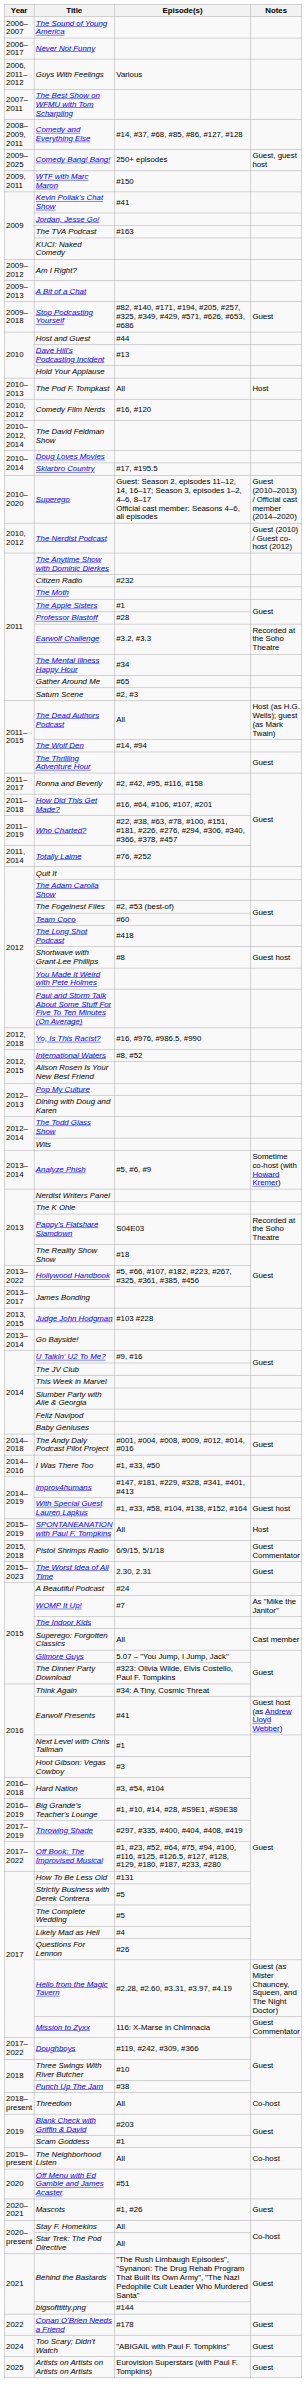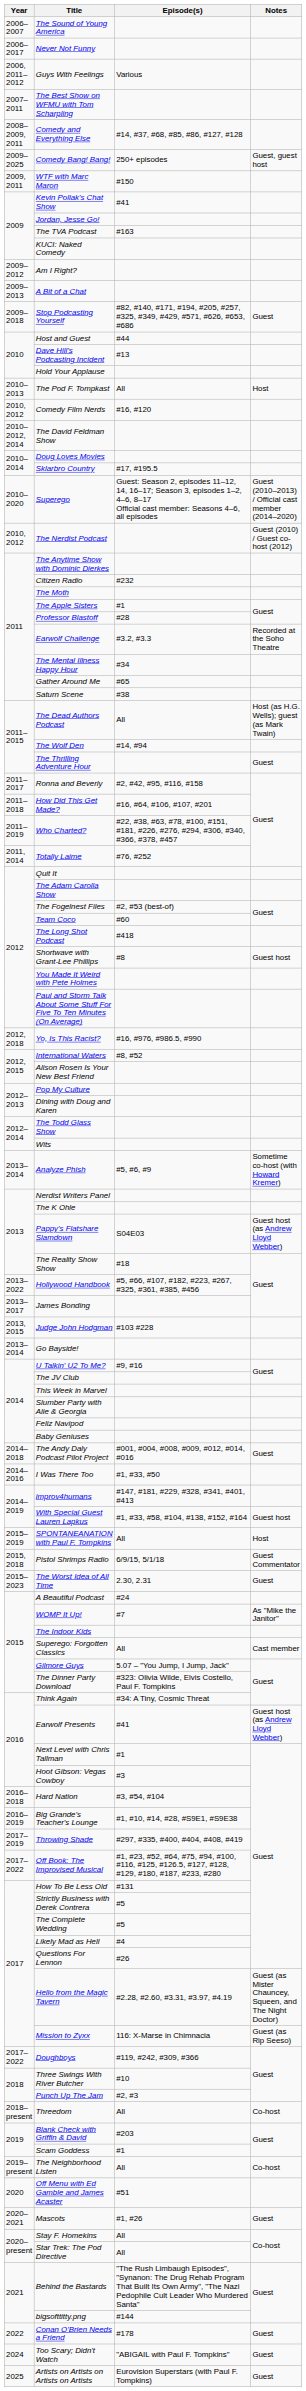 <table class="wikitable sortable">
 <tr>
 <th>Year</th>
 <th>Title</th>
 <th scope="col" width="350px">Episode(s)</th>
 <th>Notes</th>
 </tr>
 <tr>
 <td>2006–2007</td>
 <td><em><a href='#'>The Sound of Young America</a></em></td>
 <td></td>
 <td></td>
 </tr>
 <tr>
 <td>2006–2017</td>
 <td><em><a href='#'>Never Not Funny</a></em></td>
 <td></td>
 <td></td>
 </tr>
 <tr>
 <td>2006, 2011–2012</td>
 <td><em>Guys With Feelings</em></td>
 <td>Various</td>
 <td></td>
 </tr>
 <tr>
 <td>2007–2011</td>
 <td><em><a href='#'>The Best Show on WFMU with Tom Scharpling</a></em></td>
 <td></td>
 <td></td>
 </tr>
 <tr>
 <td>2008–2009, 2011</td>
 <td><em><a href='#'>Comedy and Everything Else</a></em></td>
 <td>#14, #37, #68, #85, #86, #127, #128</td>
 <td></td>
 </tr>
 <tr>
 <td>2009–2025</td>
 <td><em><a href='#'>Comedy Bang! Bang!</a></em></td>
 <td>250+ episodes</td>
 <td>Guest, guest host</td>
 </tr>
 <tr>
 <td>2009, 2011</td>
 <td><em><a href='#'>WTF with Marc Maron</a></em></td>
 <td>#150</td>
 <td></td>
 </tr>
 <tr>
 <td rowspan="4">2009</td>
 <td><em><a href='#'>Kevin Pollak's Chat Show</a></em></td>
 <td>#41</td>
 <td></td>
 </tr>
 <tr>
 <td><em><a href='#'>Jordan, Jesse Go!</a></em></td>
 <td></td>
 <td></td>
 </tr>
 <tr>
 <td><em>The TVA Podcast</em></td>
 <td>#163</td>
 <td></td>
 </tr>
 <tr>
 <td><em>KUCI: Naked Comedy</em></td>
 <td></td>
 <td></td>
 </tr>
 <tr>
 <td>2009–2012</td>
 <td><em>Am I Right?</em></td>
 <td></td>
 <td></td>
 </tr>
 <tr>
 <td>2009–2013</td>
 <td><em><a href='#'>A Bit of a Chat</a></em></td>
 <td></td>
 <td></td>
 </tr>
 <tr>
 <td>2009–2018</td>
 <td><em><a href='#'>Stop Podcasting Yourself</a></em></td>
 <td>#82, #140, #171, #194, #205, #257, #325, #349, #429, #571, #626, #653, #686</td>
 <td>Guest</td>
 </tr>
 <tr>
 <td rowspan="3">2010</td>
 <td><em>Host and Guest</em></td>
 <td>#44</td>
 <td></td>
 </tr>
 <tr>
 <td><em><a href='#'>Dave Hill's Podcasting Incident</a></em></td>
 <td>#13</td>
 <td></td>
 </tr>
 <tr>
 <td><em>Hold Your Applause</em></td>
 <td></td>
 <td></td>
 </tr>
 <tr>
 <td>2010–2013</td>
 <td><em>The Pod F. Tompkast</em></td>
 <td>All</td>
 <td>Host</td>
 </tr>
 <tr>
 <td>2010, 2012</td>
 <td><em>Comedy Film Nerds</em></td>
 <td>#16, #120</td>
 <td></td>
 </tr>
 <tr>
 <td>2010–2012, 2014</td>
 <td><em>The David Feldman Show</em></td>
 <td></td>
 <td></td>
 </tr>
 <tr>
 <td rowspan=2>2010–2014</td>
 <td><em><a href='#'>Doug Loves Movies</a></em></td>
 <td></td>
 <td></td>
 </tr>
 <tr>
 <td><em><a href='#'>Sklarbro Country</a></em></td>
 <td>#17, #195.5</td>
 <td></td>
 </tr>
 <tr>
 <td>2010–2020</td>
 <td><em><a href='#'>Superego</a></em></td>
 <td>Guest: Season 2, episodes 11–12, 14, 16–17; Season 3, episodes 1–2, 4–6, 8–17<br>Official cast member: Seasons 4–6, all episodes</td>
 <td>Guest (2010–2013) / Official cast member (2014–2020)</td>
 </tr>
 <tr>
 <td>2010, 2012</td>
 <td><em><a href='#'>The Nerdist Podcast</a></em></td>
 <td></td>
 <td>Guest (2010) / Guest co-host (2012)</td>
 </tr>
 <tr>
 <td rowspan="9">2011</td>
 <td><em><a href='#'>The Anytime Show with Dominic Dierkes</a></em></td>
 <td></td>
 <td></td>
 </tr>
 <tr>
 <td><em>Citizen Radio</em></td>
 <td>#232</td>
 <td></td>
 </tr>
 <tr>
 <td><em><a href='#'>The Moth</a></em></td>
 <td></td>
 <td></td>
 </tr>
 <tr>
 <td><em><a href='#'>The Apple Sisters</a></em></td>
 <td>#1</td>
 <td rowspan="2">Guest</td>
 </tr>
 <tr>
 <td><em><a href='#'>Professor Blastoff</a></em></td>
 <td>#28</td>
 </tr>
 <tr>
 <td><em><a href='#'>Earwolf Challenge</a></em></td>
 <td>#3.2, #3.3</td>
 <td>Recorded at the Soho Theatre</td>
 </tr>
 <tr>
 <td><em><a href='#'>The Mental Illness Happy Hour</a></em></td>
 <td>#34</td>
 <td></td>
 </tr>
 <tr>
 <td><em>Gather Around Me</em></td>
 <td>#65</td>
 <td></td>
 </tr>
 <tr>
 <td><em>Saturn Scene</em></td>
-<td>#2, #3</td>
+<td>#38</td>
 <td></td>
 </tr>
 <tr>
 <td rowspan=3>2011–2015</td>
 <td><em><a href='#'>The Dead Authors Podcast</a></em></td>
 <td>All</td>
 <td>Host (as H.G. Wells); guest (as Mark Twain)</td>
 </tr>
 <tr>
 <td><em><a href='#'>The Wolf Den</a></em></td>
 <td>#14, #94</td>
 <td></td>
 </tr>
 <tr>
 <td><em><a href='#'>The Thrilling Adventure Hour</a></em></td>
 <td></td>
 <td>Guest</td>
 </tr>
 <tr>
 <td>2011–2017</td>
 <td><em>Ronna and Beverly</em></td>
 <td>#2, #42, #95, #116, #158</td>
 <td rowspan="4">Guest</td>
 </tr>
 <tr>
 <td>2011–2018</td>
 <td><em><a href='#'>How Did This Get Made?</a></em></td>
 <td>#16, #64, #106, #107, #201</td>
 </tr>
 <tr>
 <td>2011–2019</td>
 <td><em><a href='#'>Who Charted?</a></em></td>
 <td>#22, #38, #63, #78, #100, #151, #181, #226, #276, #294, #306, #340, #366, #378, #457</td>
 </tr>
 <tr>
 <td>2011, 2014</td>
 <td><em><a href='#'>Totally Laime</a></em></td>
 <td>#76, #252</td>
 </tr>
 <tr>
 <td rowspan="8">2012</td>
 <td><em>Quit It</em></td>
 <td></td>
 <td></td>
 </tr>
 <tr>
 <td><em><a href='#'>The Adam Carolla Show</a></em></td>
 <td></td>
 <td></td>
 </tr>
 <tr>
 <td><em>The Fogelnest Files</em></td>
 <td>#2, #53 (best-of)</td>
 <td rowspan="2">Guest</td>
 </tr>
 <tr>
 <td><em><a href='#'>Team Coco</a></em></td>
 <td>#60</td>
 </tr>
 <tr>
 <td><em><a href='#'>The Long Shot Podcast</a></em></td>
 <td>#418</td>
 <td></td>
 </tr>
 <tr>
 <td><em>Shortwave with Grant-Lee Phillips</em></td>
 <td>#8</td>
 <td>Guest host</td>
 </tr>
 <tr>
 <td><em><a href='#'>You Made It Weird with Pete Holmes</a></em></td>
 <td></td>
 <td></td>
 </tr>
 <tr>
 <td><em><a href='#'>Paul and Storm Talk About Some Stuff For Five To Ten Minutes (On Average)</a></em></td>
 <td></td>
 <td></td>
 </tr>
 <tr>
 <td>2012, 2018</td>
 <td><em><a href='#'>Yo, Is This Racist?</a></em></td>
 <td>#16, #976, #986.5, #990</td>
 <td></td>
 </tr>
 <tr>
 <td rowspan=2>2012, 2015</td>
 <td><em><a href='#'>International Waters</a></em></td>
 <td>#8, #52</td>
 <td></td>
 </tr>
 <tr>
 <td><em>Alison Rosen Is Your New Best Friend</em></td>
 <td></td>
 <td></td>
 </tr>
 <tr>
 <td rowspan=2>2012–2013</td>
 <td><em><a href='#'>Pop My Culture</a></em></td>
 <td></td>
 <td></td>
 </tr>
 <tr>
 <td><em>Dining with Doug and Karen</em></td>
 <td></td>
 <td></td>
 </tr>
 <tr>
 <td rowspan="2">2012–2014</td>
 <td><em><a href='#'>The Todd Glass Show</a></em></td>
 <td></td>
 <td></td>
 </tr>
 <tr>
 <td><em>Wits</em></td>
 <td></td>
 <td></td>
 </tr>
 <tr>
 <td>2013–2014</td>
 <td><em><a href='#'>Analyze Phish</a></em></td>
 <td>#5, #6, #9</td>
 <td>Sometime co-host (with <a href='#'>Howard Kremer</a>)</td>
 </tr>
 <tr>
 <td rowspan="4">2013</td>
 <td><em>Nerdist Writers Panel</em></td>
 <td></td>
 <td></td>
 </tr>
 <tr>
 <td><em>The K Ohle</em></td>
 <td></td>
 <td></td>
 </tr>
 <tr>
 <td><em><a href='#'>Pappy's Flatshare Slamdown</a></em></td>
 <td>S04E03</td>
-<td>Recorded at the Soho Theatre</td>
+<td>Guest host (as <a href='#'>Andrew Lloyd Webber</a>)</td>
 </tr>
 <tr>
 <td><em>The Reality Show Show</em></td>
 <td>#18</td>
 <td rowspan="3">Guest</td>
 </tr>
 <tr>
 <td>2013–2022</td>
 <td><em><a href='#'>Hollywood Handbook</a></em></td>
 <td>#5, #66, #107, #182, #223, #267, #325, #361, #385, #456</td>
 </tr>
 <tr>
 <td>2013–2017</td>
 <td><em>James Bonding</em></td>
 <td></td>
 </tr>
 <tr>
 <td>2013, 2015</td>
 <td><em><a href='#'>Judge John Hodgman</a></em></td>
 <td>#103 #228</td>
 <td></td>
 </tr>
 <tr>
 <td>2013–2014</td>
 <td><em>Go Bayside!</em></td>
 <td></td>
 <td></td>
 </tr>
 <tr>
 <td rowspan="6">2014</td>
 <td><em><a href='#'>U Talkin' U2 To Me?</a></em></td>
 <td>#9, #16</td>
 <td rowspan="2">Guest</td>
 </tr>
 <tr>
 <td><em>The JV Club</em></td>
 <td></td>
 </tr>
 <tr>
 <td><em>This Week in Marvel</em></td>
 <td></td>
 <td></td>
 </tr>
 <tr>
 <td><em>Slumber Party with Alie & Georgia</em></td>
 <td></td>
 <td></td>
 </tr>
 <tr>
 <td><em>Feliz Navipod</em></td>
 <td></td>
 <td></td>
 </tr>
 <tr>
 <td><em>Baby Geniuses</em></td>
 <td></td>
 <td></td>
 </tr>
 <tr>
 <td>2014–2018</td>
 <td><em>The Andy Daly Podcast Pilot Project</em></td>
 <td>#001, #004, #008, #009, #012, #014, #016</td>
 <td>Guest</td>
 </tr>
 <tr>
 <td>2014–2016</td>
 <td><em>I Was There Too</em></td>
 <td>#1, #33, #50</td>
 <td></td>
 </tr>
 <tr>
 <td rowspan="2">2014–2019</td>
 <td><em><a href='#'>improv4humans</a></em></td>
 <td>#147, #181, #229, #328, #341, #401, #413</td>
 <td></td>
 </tr>
 <tr>
 <td><em><a href='#'>With Special Guest Lauren Lapkus</a></em></td>
 <td>#1, #33, #58, #104, #138, #152, #164</td>
 <td>Guest host</td>
 </tr>
 <tr>
 <td>2015–2019</td>
 <td><em><a href='#'>SPONTANEANATION with Paul F. Tompkins</a></em></td>
 <td>All</td>
 <td>Host</td>
 </tr>
 <tr>
 <td>2015, 2018</td>
 <td><em>Pistol Shrimps Radio</em></td>
 <td>6/9/15, 5/1/18</td>
 <td>Guest Commentator</td>
 </tr>
 <tr>
 <td>2015–2023</td>
 <td><em><a href='#'>The Worst Idea of All Time</a></em></td>
 <td>2.30, 2.31</td>
 <td>Guest</td>
 </tr>
 <tr>
 <td rowspan="6">2015</td>
 <td><em>A Beautiful Podcast</em></td>
 <td>#24</td>
 <td></td>
 </tr>
 <tr>
 <td><em><a href='#'>WOMP It Up!</a></em></td>
 <td>#7</td>
 <td>As "Mike the Janitor"</td>
 </tr>
 <tr>
 <td><em><a href='#'>The Indoor Kids</a></em></td>
 <td></td>
 <td></td>
 </tr>
 <tr>
 <td><em>Superego: Forgotten Classics</em></td>
 <td>All</td>
 <td>Cast member</td>
 </tr>
 <tr>
 <td><em><a href='#'>Gilmore Guys</a></em></td>
 <td>5.07 – "You Jump, I Jump, Jack"</td>
 <td rowspan="3">Guest</td>
 </tr>
 <tr>
 <td><em>The Dinner Party Download</em></td>
 <td>#323: Olivia Wilde, Elvis Costello, Paul F. Tompkins</td>
 </tr>
 <tr>
 <td rowspan="4">2016</td>
 <td><em>Think Again</em></td>
 <td>#34: A Tiny, Cosmic Threat</td>
 </tr>
 <tr>
 <td><em>Earwolf Presents</em></td>
 <td>#41</td>
 <td>Guest host (as <a href='#'>Andrew Lloyd Webber</a>)</td>
 </tr>
 <tr>
 <td><em>Next Level with Chris Tallman</em></td>
 <td>#1</td>
 <td rowspan=11>Guest</td>
 </tr>
 <tr>
 <td><em>Hoot Gibson: Vegas Cowboy</em></td>
 <td>#3</td>
 </tr>
 <tr>
 <td>2016–2018</td>
 <td><em>Hard Nation</em></td>
 <td>#3, #54, #104</td>
 </tr>
 <tr>
 <td>2016–2019</td>
 <td><em>Big Grande's Teacher's Lounge</em></td>
 <td>#1, #10, #14, #28, #S9E1, #S9E38</td>
 </tr>
 <tr>
 <td>2017–2019</td>
 <td><em><a href='#'>Throwing Shade</a></em></td>
 <td>#297, #335, #400, #404, #408, #419</td>
 </tr>
 <tr>
 <td>2017–2022</td>
 <td><em><a href='#'>Off Book: The Improvised Musical</a></em></td>
 <td>#1, #23, #52, #64, #75, #94, #100, #116, #125, #126.5, #127, #128, #129, #180, #187, #233, #280</td>
 </tr>
 <tr>
 <td rowspan="7">2017</td>
 <td><em>How To Be Less Old</em></td>
 <td>#131</td>
 </tr>
 <tr>
 <td><em>Strictly Business with Derek Contrera</em></td>
 <td>#5</td>
 </tr>
 <tr>
 <td><em>The Complete Wedding</em></td>
 <td>#5</td>
 </tr>
 <tr>
 <td><em>Likely Mad as Hell</em></td>
 <td>#4</td>
 </tr>
 <tr>
 <td><em>Questions For Lennon</em></td>
 <td>#26</td>
 </tr>
 <tr>
 <td><em><a href='#'>Hello from the Magic Tavern</a></em></td>
 <td>#2.28, #2.60, #3.31, #3.97, #4.19</td>
 <td>Guest (as Mister Chauncey, Squeen, and The Night Doctor)</td>
 </tr>
 <tr>
 <td><em><a href='#'>Mission to Zyxx</a></em></td>
 <td>116: X-Marse in Chimnacia</td>
-<td>Guest Commentator</td>
+<td>Guest (as Rip Seeso)</td>
 </tr>
 <tr>
 <td>2017–2022</td>
 <td><em><a href='#'>Doughboys</a></em></td>
 <td>#119, #242, #309, #366</td>
 <td rowspan="3">Guest</td>
 </tr>
 <tr>
 <td rowspan="2">2018</td>
 <td><em>Three Swings With River Butcher</em></td>
 <td>#10</td>
 </tr>
 <tr>
 <td><em><a href='#'>Punch Up The Jam</a></em></td>
-<td>#38</td>
+<td>#2, #3</td>
 </tr>
 <tr>
 <td>2018–present</td>
 <td><em>Threedom</em></td>
 <td>All</td>
 <td>Co-host</td>
 </tr>
 <tr>
 <td rowspan="2">2019</td>
 <td><em><a href='#'>Blank Check with Griffin & David</a></em></td>
 <td>#203</td>
 <td rowspan="2">Guest</td>
 </tr>
 <tr>
 <td><em>Scam Goddess</em></td>
 <td>#1</td>
 </tr>
 <tr>
 <td>2019–present</td>
 <td><em>The Neighborhood Listen</em></td>
 <td>All</td>
 <td>Co-host</td>
 </tr>
 <tr>
 <td>2020</td>
 <td><em><a href='#'>Off Menu with Ed Gamble and James Acaster</a></em></td>
 <td>#51</td>
 <td></td>
 </tr>
 <tr>
 <td>2020–2021</td>
 <td><em>Mascots</em></td>
 <td>#1, #26</td>
 <td>Guest</td>
 </tr>
 <tr>
 <td rowspan="2">2020–present</td>
 <td><em>Stay F. Homekins</em></td>
 <td>All</td>
 <td rowspan="2">Co-host</td>
 </tr>
 <tr>
 <td><em>Star Trek: The Pod Directive</em></td>
 <td>All</td>
 </tr>
 <tr>
 <td rowspan="2">2021</td>
 <td><em>Behind the Bastards</em></td>
 <td>"The Rush Limbaugh Episodes", "Synanon: The Drug Rehab Program That Built Its Own Army", "The Nazi Pedophile Cult Leader Who Murdered Santa"</td>
 <td rowspan="2">Guest</td>
 </tr>
 <tr>
 <td><em>bigsofttitty.png</em></td>
 <td>#144</td>
 </tr>
 <tr>
 <td>2022</td>
 <td><em><a href='#'>Conan O'Brien Needs a Friend</a></em></td>
 <td>#178</td>
 <td>Guest</td>
 </tr>
 <tr>
 <td>2024</td>
 <td><em>Too Scary; Didn't Watch</em></td>
 <td>"ABIGAIL with Paul F. Tompkins"</td>
 <td>Guest</td>
 </tr>
 <tr>
 <td>2025</td>
 <td><em>Artists on Artists on Artists on Artists</em></td>
 <td>Eurovision Superstars (with Paul F. Tompkins)</td>
 <td>Guest</td>
 </tr>
 </table>
